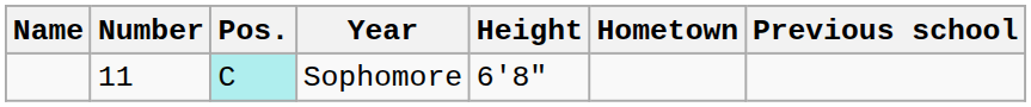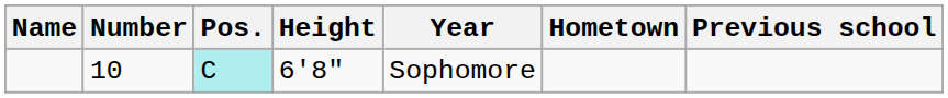 <table class="wikitable sortable" border="1">
 <tr>
 <th>Name</th>
 <th>Number</th>
 <th>Pos.</th>
+<th>Height</th>
 <th>Year</th>
-<th>Height</th>
 <th>Hometown</th>
 <th class="unsortable">Previous school</th>
 </tr>
 <tr>
 <td></td>
-<td>11</td>
+<td>10</td>
 <td style="background: paleturquoise;">C</td>
+<td>6'8"</td>
 <td>Sophomore</td>
-<td>6'8"</td>
 <td></td>
 <td></td>
 </tr>
 </table>
